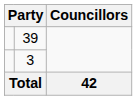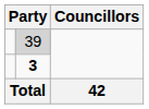 <table class="wikitable">
 <tr>
 <th colspan=2>Party</th>
 <th>Councillors</th>
 </tr>
 <tr>
 <td></td>
-<td align=center>39</td>
+<td align=center style="background: lightgrey;">39</td>
 </tr>
 <tr>
 <td></td>
-<td align=center>3</td>
+<td align=center><strong>3</strong></td>
 </tr>
 <tr>
 <th colspan=2>Total</th>
 <th align=center>42</th>
 </tr>
 </table>
